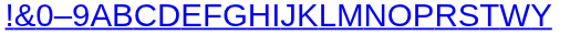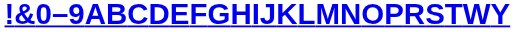 <table id="toc" class="toc" summary="Class">
 <tr>
 <th></th>
 </tr>
 <tr>
-<td style="text-align:center;"><a href='#'>!</a><a href='#'>&</a><a href='#'>0–9</a><a href='#'>A</a><a href='#'>B</a><a href='#'>C</a><a href='#'>D</a><a href='#'>E</a><a href='#'>F</a><a href='#'>G</a><a href='#'>H</a><a href='#'>I</a><a href='#'>J</a><a href='#'>K</a><a href='#'>L</a><a href='#'>M</a><a href='#'>N</a><a href='#'>O</a><a href='#'>P</a><a href='#'>R</a><a href='#'>S</a><a href='#'>T</a><a href='#'>W</a><a href='#'>Y</a></td>
+<td style="text-align:center;"><strong><a href='#'>!</a><a href='#'>&</a><a href='#'>0–9</a><a href='#'>A</a><a href='#'>B</a><a href='#'>C</a><a href='#'>D</a><a href='#'>E</a><a href='#'>F</a><a href='#'>G</a><a href='#'>H</a><a href='#'>I</a><a href='#'>J</a><a href='#'>K</a><a href='#'>L</a><a href='#'>M</a><a href='#'>N</a><a href='#'>O</a><a href='#'>P</a><a href='#'>R</a><a href='#'>S</a><a href='#'>T</a><a href='#'>W</a><a href='#'>Y</a></strong></td>
 </tr>
 </table>
